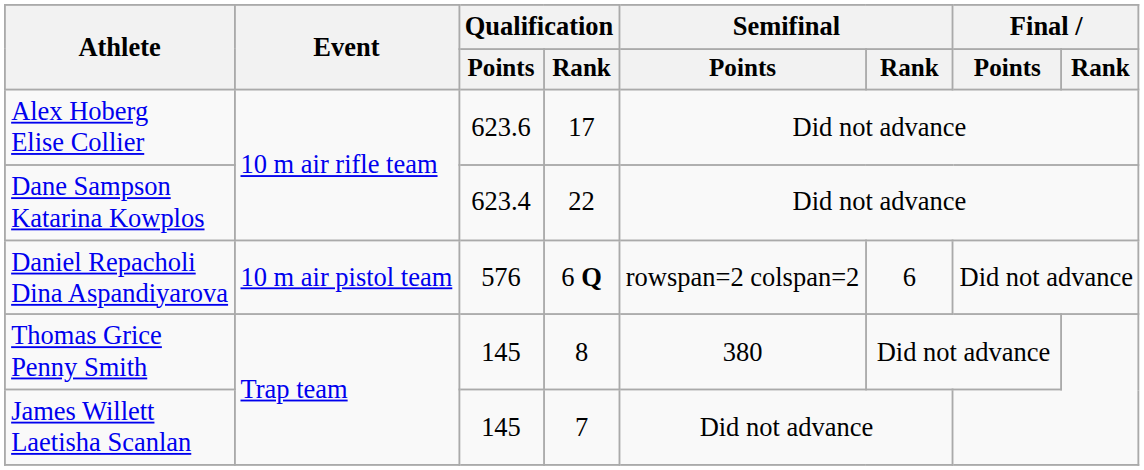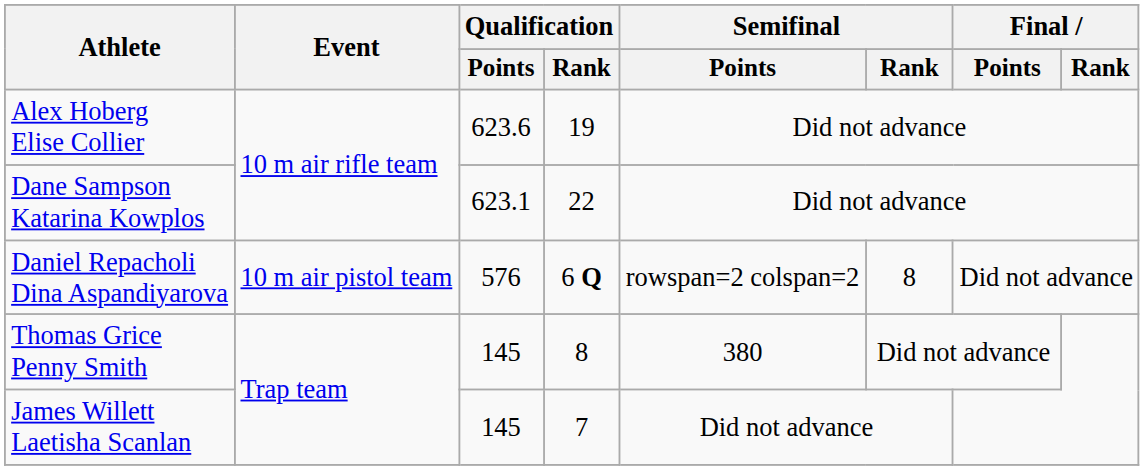 <table class=wikitable style=font-size:90%;text-align:center>
 <tr>
 <th rowspan=2>Athlete</th>
 <th rowspan=2>Event</th>
 <th colspan=2>Qualification</th>
 <th colspan=2>Semifinal</th>
 <th colspan=2>Final / </th>
 </tr>
 <tr style=font-size:95%>
 <th>Points</th>
 <th>Rank</th>
 <th>Points</th>
 <th>Rank</th>
 <th>Points</th>
 <th>Rank</th>
 </tr>
 <tr align=center>
 <td align=left><a href='#'>Alex Hoberg</a><br><a href='#'>Elise Collier</a></td>
 <td align=left rowspan=2><a href='#'>10 m air rifle team</a></td>
 <td>623.6</td>
-<td>17</td>
+<td>19</td>
 <td colspan=4>Did not advance</td>
 </tr>
 <tr align=center>
 <td align=left><a href='#'>Dane Sampson</a><br><a href='#'>Katarina Kowplos</a></td>
-<td>623.4</td>
+<td>623.1</td>
 <td>22</td>
 <td colspan=4>Did not advance</td>
 </tr>
 <tr align=center>
 <td align=left><a href='#'>Daniel Repacholi</a><br><a href='#'>Dina Aspandiyarova</a></td>
 <td align=left><a href='#'>10 m air pistol team</a></td>
 <td>576</td>
 <td>6 <strong>Q</strong></td>
 <td>rowspan=2 colspan=2 </td>
-<td>6</td>
+<td>8</td>
 <td colspan=2>Did not advance</td>
 </tr>
 <tr align=center>
 <td align=left><a href='#'>Thomas Grice</a><br><a href='#'>Penny Smith</a></td>
 <td align=left rowspan=2><a href='#'>Trap team</a></td>
 <td>145</td>
 <td>8</td>
 <td>380</td>
 <td colspan=2>Did not advance</td>
 </tr>
 <tr align=center>
 <td align=left><a href='#'>James Willett</a><br><a href='#'>Laetisha Scanlan</a></td>
 <td>145</td>
 <td>7</td>
 <td colspan=2>Did not advance</td>
 </tr>
 </table>
